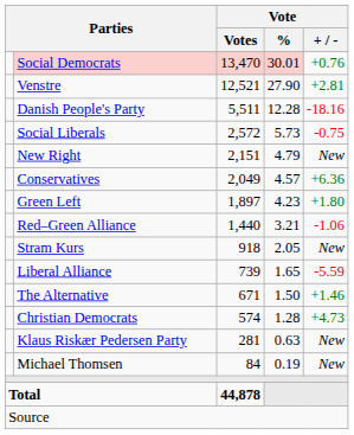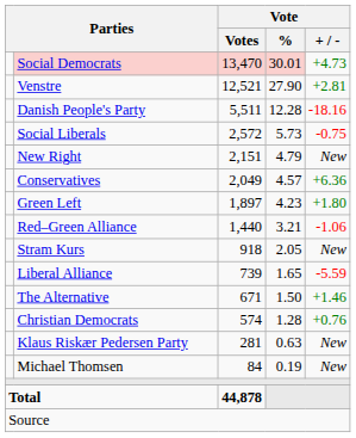 <table class="wikitable" style="text-align:right;">
 <tr>
 <th style="text-align:centre;" rowspan="2" colspan="2" width="225">Parties</th>
 <th colspan="3">Vote</th>
 </tr>
 <tr>
 <th width="15">Votes</th>
 <th width="15">%</th>
 <th width="15">+ / -</th>
 </tr>
 <tr>
 <td width="2" style="color:inherit;background:"></td>
 <td bgcolor=#fbd0ce  align="left"><a href='#'>Social Democrats</a></td>
 <td bgcolor=#fbd0ce>13,470</td>
 <td bgcolor=#fbd0ce>30.01</td>
-<td style=color:green;>+0.76</td>
+<td style=color:green;>+4.73</td>
 </tr>
 <tr>
 <td width="2" style="color:inherit;background:"></td>
 <td align="left"><a href='#'>Venstre</a></td>
 <td>12,521</td>
 <td>27.90</td>
 <td style=color:green;>+2.81</td>
 </tr>
 <tr>
 <td width="2" style="color:inherit;background:"></td>
 <td align="left"><a href='#'>Danish People's Party</a></td>
 <td>5,511</td>
 <td>12.28</td>
 <td style=color:red;>-18.16</td>
 </tr>
 <tr>
 <td width="2" style="color:inherit;background:"></td>
 <td align="left"><a href='#'>Social Liberals</a></td>
 <td>2,572</td>
 <td>5.73</td>
 <td style=color:red;>-0.75</td>
 </tr>
 <tr>
 <td width="2" style="color:inherit;background:"></td>
 <td align="left"><a href='#'>New Right</a></td>
 <td>2,151</td>
 <td>4.79</td>
 <td><em>New</em></td>
 </tr>
 <tr>
 <td width="2" style="color:inherit;background:"></td>
 <td align="left"><a href='#'>Conservatives</a></td>
 <td>2,049</td>
 <td>4.57</td>
 <td style=color:green;>+6.36</td>
 </tr>
 <tr>
 <td width="2" style="color:inherit;background:"></td>
 <td align="left"><a href='#'>Green Left</a></td>
 <td>1,897</td>
 <td>4.23</td>
 <td style=color:green;>+1.80</td>
 </tr>
 <tr>
 <td width="2" style="color:inherit;background:"></td>
 <td align="left"><a href='#'>Red–Green Alliance</a></td>
 <td>1,440</td>
 <td>3.21</td>
 <td style=color:red;>-1.06</td>
 </tr>
 <tr>
 <td width="2" style="color:inherit;background:"></td>
 <td align="left"><a href='#'>Stram Kurs</a></td>
 <td>918</td>
 <td>2.05</td>
 <td><em>New</em></td>
 </tr>
 <tr>
 <td width="2" style="color:inherit;background:"></td>
 <td align="left"><a href='#'>Liberal Alliance</a></td>
 <td>739</td>
 <td>1.65</td>
 <td style=color:red;>-5.59</td>
 </tr>
 <tr>
 <td width="2" style="color:inherit;background:"></td>
 <td align="left"><a href='#'>The Alternative</a></td>
 <td>671</td>
 <td>1.50</td>
 <td style=color:green;>+1.46</td>
 </tr>
 <tr>
 <td width="2" style="color:inherit;background:"></td>
 <td align="left"><a href='#'>Christian Democrats</a></td>
 <td>574</td>
 <td>1.28</td>
-<td style=color:green;>+4.73</td>
+<td style=color:green;>+0.76</td>
 </tr>
 <tr>
 <td width="2" style="color:inherit;background:"></td>
 <td align="left"><a href='#'>Klaus Riskær Pedersen Party</a></td>
 <td>281</td>
 <td>0.63</td>
 <td><em>New</em></td>
 </tr>
 <tr>
 <td width="2" style="color:inherit;background:"></td>
 <td align="left">Michael Thomsen</td>
 <td>84</td>
 <td>0.19</td>
 <td><em>New</em></td>
 </tr>
 <tr>
 <td colspan="7" bgcolor="#E9E9E9"></td>
 </tr>
 <tr>
 <td align="left" colspan="2"><strong>Total</strong></td>
 <td><strong>44,878</strong></td>
 <td bgcolor="#E9E9E9" colspan="2"></td>
 </tr>
 <tr>
 <td align="left" colspan="6">Source</td>
 </tr>
 </table>
